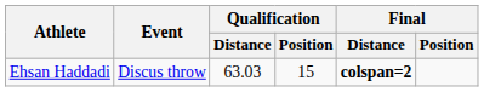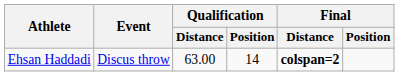 <table class=wikitable style="font-size:90%">
 <tr>
 <th rowspan="2">Athlete</th>
 <th rowspan="2">Event</th>
 <th colspan="2">Qualification</th>
 <th colspan="2">Final</th>
 </tr>
 <tr style="font-size:95%">
 <th>Distance</th>
 <th>Position</th>
 <th>Distance</th>
 <th>Position</th>
 </tr>
 <tr style=text-align:center>
 <td style=text-align:left><a href='#'>Ehsan Haddadi</a></td>
 <td style=text-align:left><a href='#'>Discus throw</a></td>
-<td>63.03</td>
-<td>15</td>
+<td>63.00</td>
+<td>14</td>
 <td><strong>colspan=2 </strong></td>
 </tr>
 </table>
